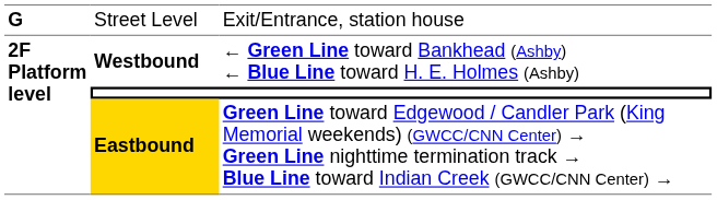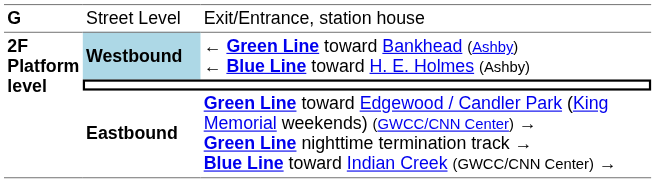 <table table border=0 cellspacing=0 cellpadding=3>
 <tr>
 <td style="border-top:solid 1px gray;" width=50 valign=top><strong>G</strong></td>
 <td style="border-top:solid 1px gray;" width=100 valign=top>Street Level</td>
 <td style="border-top:solid 1px gray;" width=400 valign=top>Exit/Entrance, station house</td>
 </tr>
 <tr>
 <td style="border-top:solid 1px gray;border-bottom:solid 1px gray;" width=50 rowspan=3 valign=top><strong>2F<br>Platform level</strong></td>
-<td style="border-top:solid 1px gray;" width=100><strong>Westbound</strong></td>
+<td style="background: lightblue; border-top:solid 1px gray;" width=100><strong>Westbound</strong></td>
 <td style="border-top:solid 1px gray;" width=400>← <a href='#'><span><strong>Green Line</strong></span></a> toward <a href='#'>Bankhead</a> <small>(<a href='#'>Ashby</a>)</small><br>← <a href='#'><span><strong>Blue Line</strong></span></a> toward <a href='#'>H. E. Holmes</a> <small>(Ashby)</small></td>
 </tr>
 <tr>
 <td style="border-top:solid 2px black;border-right:solid 2px black;border-left:solid 2px black;border-bottom:solid 2px black;text-align:center;" colspan=2></td>
 </tr>
 <tr>
-<td style="background: gold; border-bottom:solid 1px gray;"><strong>Eastbound</strong></td>
+<td style="border-bottom:solid 1px gray;"><strong>Eastbound</strong></td>
 <td style="border-bottom:solid 1px gray;"> <a href='#'><span><strong>Green Line</strong></span></a> toward <a href='#'>Edgewood / Candler Park</a> (<a href='#'>King Memorial</a> weekends) <small>(<a href='#'>GWCC/CNN Center</a>)</small> → <br> <a href='#'><span><strong>Green Line</strong></span></a> nighttime termination track →<span></span><br> <a href='#'><span><strong>Blue Line</strong></span></a> toward <a href='#'>Indian Creek</a> <small>(GWCC/CNN Center)</small> →</td>
 </tr>
 </table>
